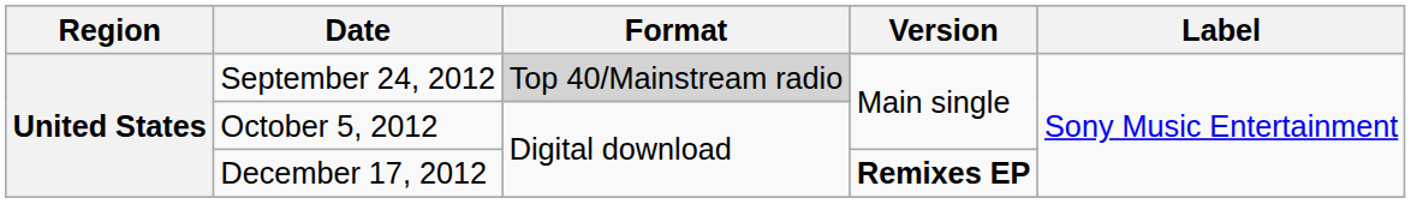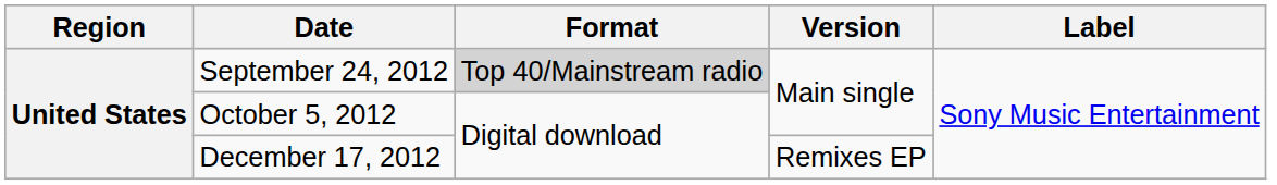 <table class="wikitable plainrowheaders" style="font-size:95%;">
 <tr>
 <th scope="col">Region</th>
 <th>Date</th>
 <th>Format</th>
 <th>Version</th>
 <th>Label</th>
 </tr>
 <tr>
 <th scope="row" rowspan="3">United States</th>
 <td>September 24, 2012</td>
 <td style="background: lightgrey;">Top 40/Mainstream radio</td>
 <td rowspan="2">Main single</td>
 <td rowspan="3"><a href='#'>Sony Music Entertainment</a></td>
 </tr>
 <tr>
 <td>October 5, 2012</td>
 <td rowspan="2">Digital download</td>
 </tr>
 <tr>
 <td>December 17, 2012</td>
-<td><strong>Remixes EP</strong></td>
+<td>Remixes EP</td>
 </tr>
 </table>
